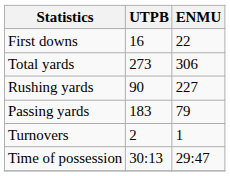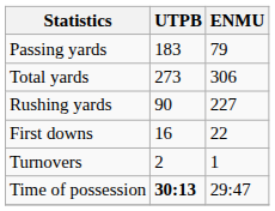 <table class="wikitable" style="float: left;">
 <tr>
 <th>Statistics</th>
 <th>UTPB</th>
 <th>ENMU</th>
 </tr>
 <tr>
-<td>First downs</td>
-<td>16</td>
-<td>22</td>
+<td>Passing yards</td>
+<td>183</td>
+<td>79</td>
 </tr>
 <tr>
 <td>Total yards</td>
 <td>273</td>
 <td>306</td>
 </tr>
 <tr>
 <td>Rushing yards</td>
 <td>90</td>
 <td>227</td>
 </tr>
 <tr>
-<td>Passing yards</td>
-<td>183</td>
-<td>79</td>
+<td>First downs</td>
+<td>16</td>
+<td>22</td>
 </tr>
 <tr>
 <td>Turnovers</td>
 <td>2</td>
 <td>1</td>
 </tr>
 <tr>
 <td>Time of possession</td>
-<td>30:13</td>
+<td><strong>30:13</strong></td>
 <td>29:47</td>
 </tr>
 <tr>
 </tr>
 </table>
